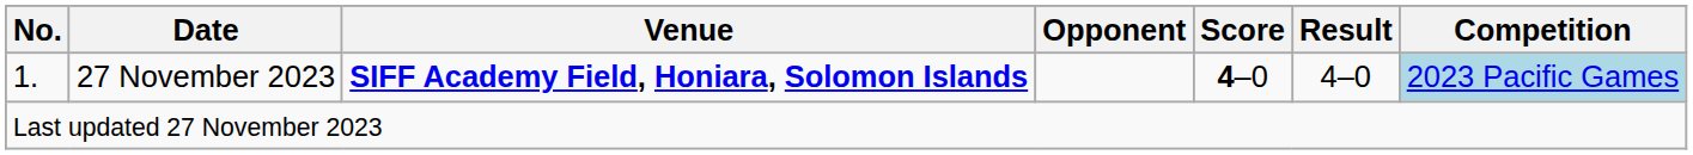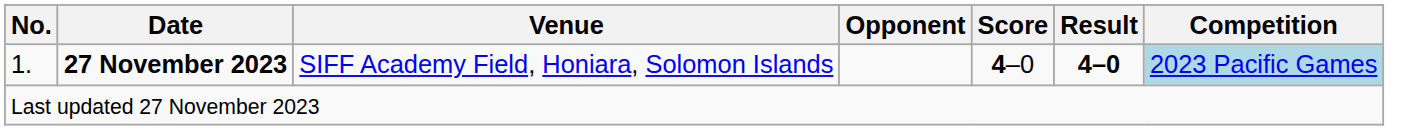 <table class="wikitable" style="font-size:85%;">
 <tr>
 <th>No.</th>
 <th>Date</th>
 <th>Venue</th>
 <th>Opponent</th>
 <th>Score</th>
 <th>Result</th>
 <th>Competition</th>
 </tr>
 <tr>
 <td>1.</td>
-<td>27 November 2023</td>
-<td><strong><a href='#'>SIFF Academy Field</a>, <a href='#'>Honiara</a>, <a href='#'>Solomon Islands</a></strong></td>
+<td><strong>27 November 2023</strong></td>
+<td><a href='#'>SIFF Academy Field</a>, <a href='#'>Honiara</a>, <a href='#'>Solomon Islands</a></td>
 <td></td>
 <td align=center><strong>4</strong>–0</td>
-<td align=center>4–0</td>
+<td align=center><strong>4–0</strong></td>
 <td style="background: lightblue;"><a href='#'>2023 Pacific Games</a></td>
 </tr>
 <tr>
 <td colspan="7"><small>Last updated 27 November 2023</small></td>
 </tr>
 </table>
